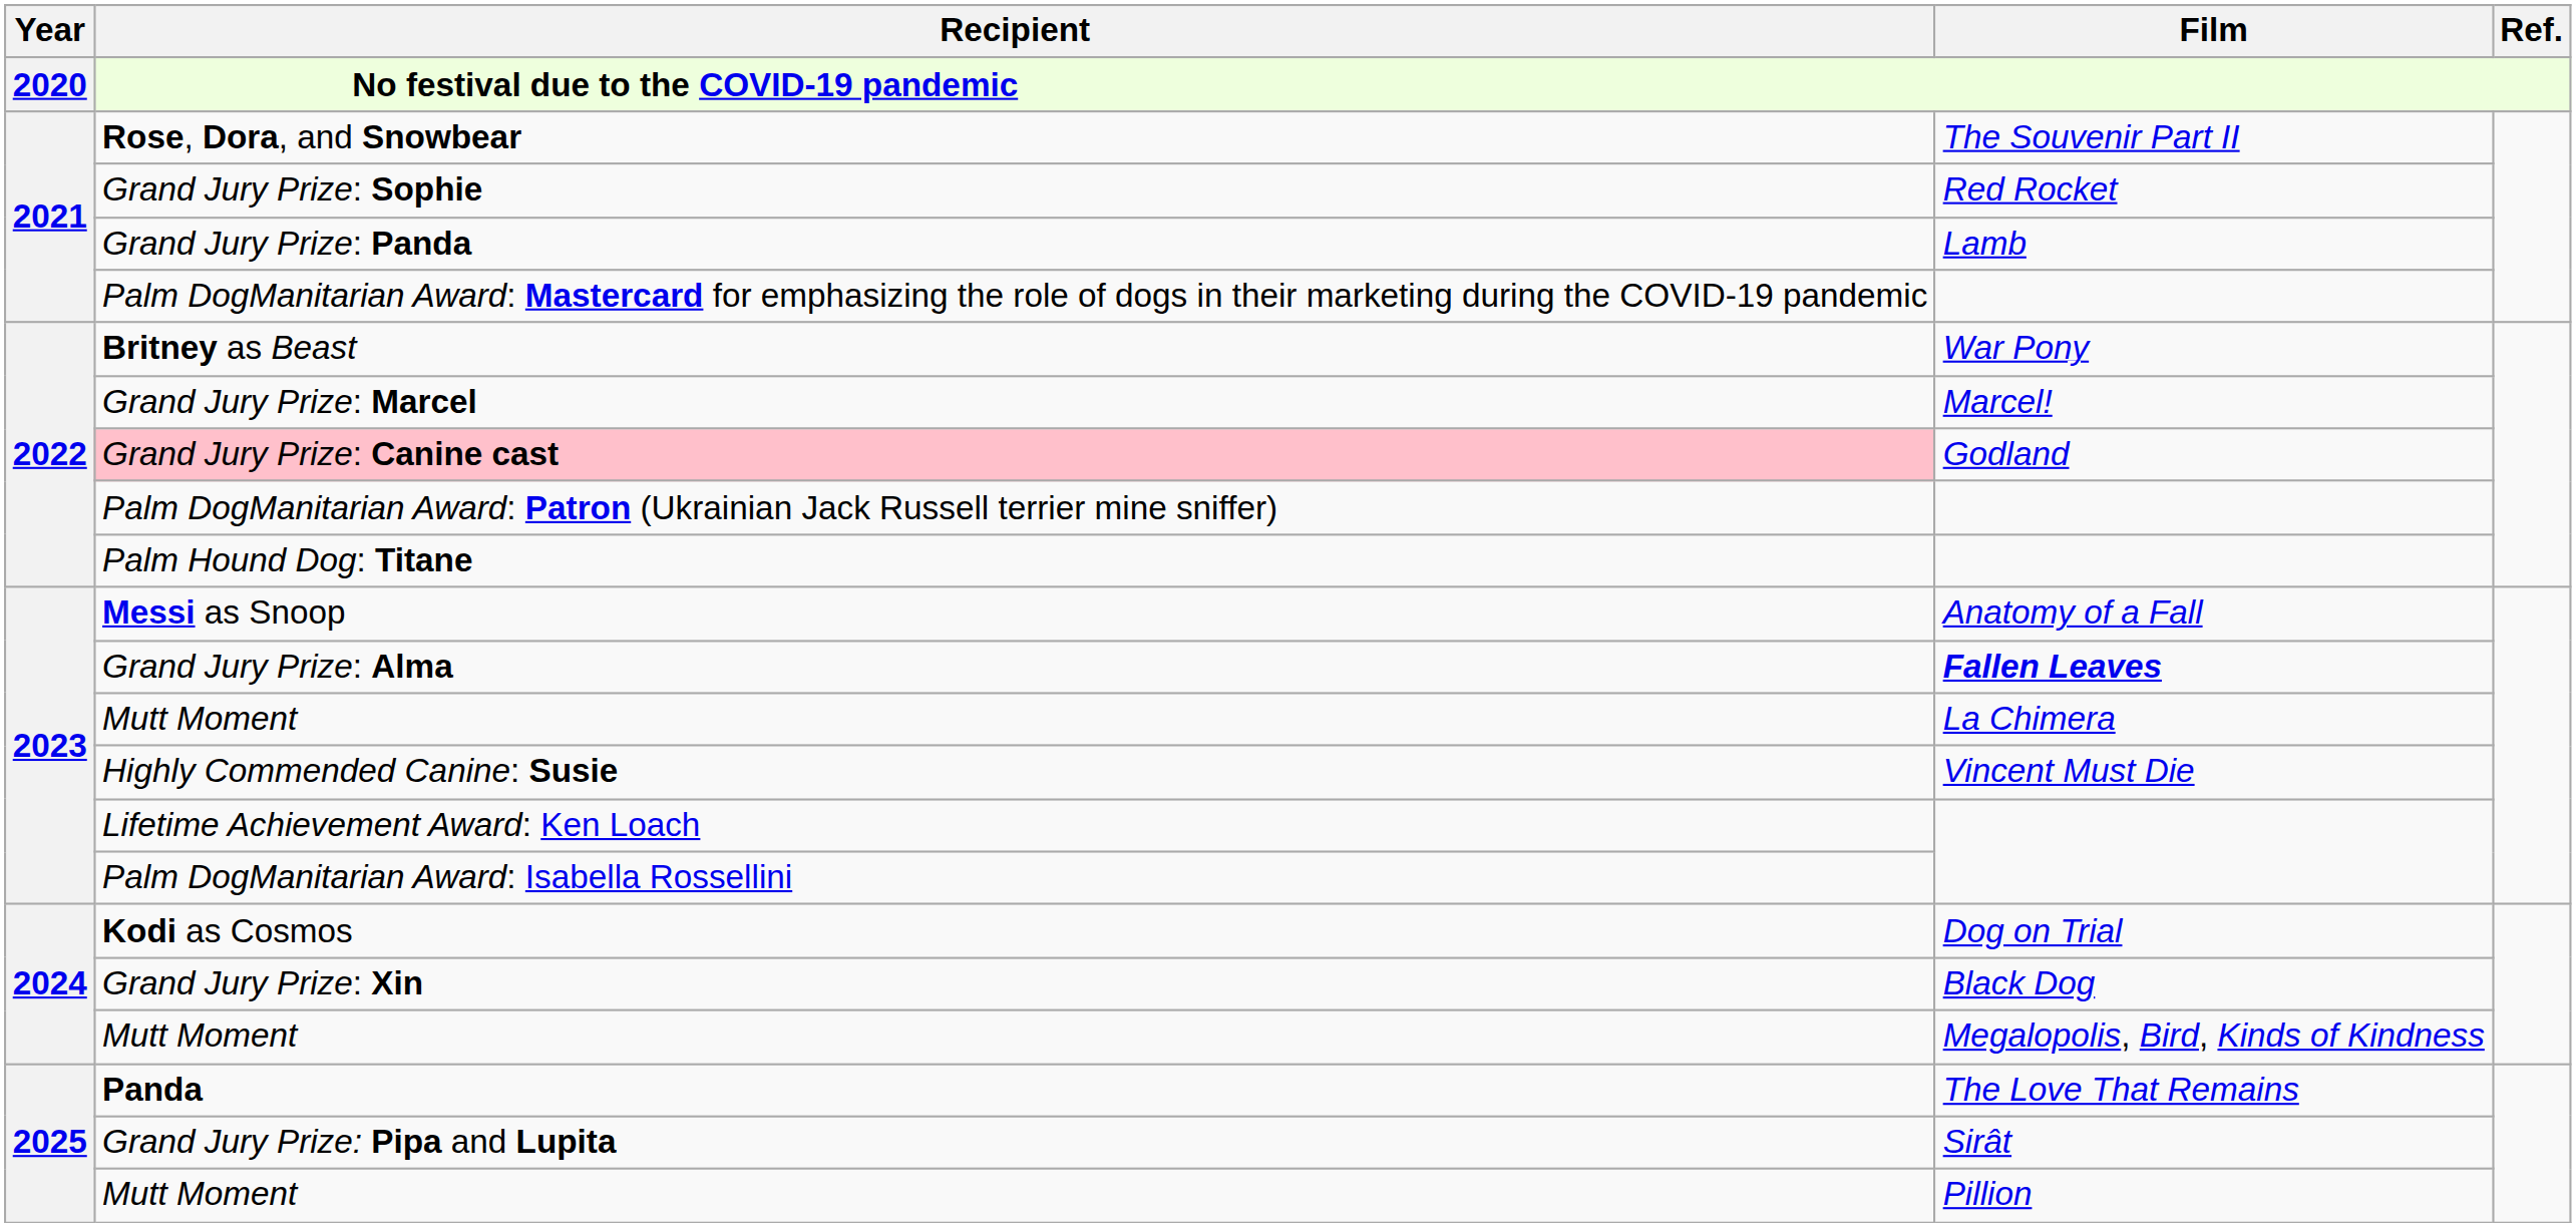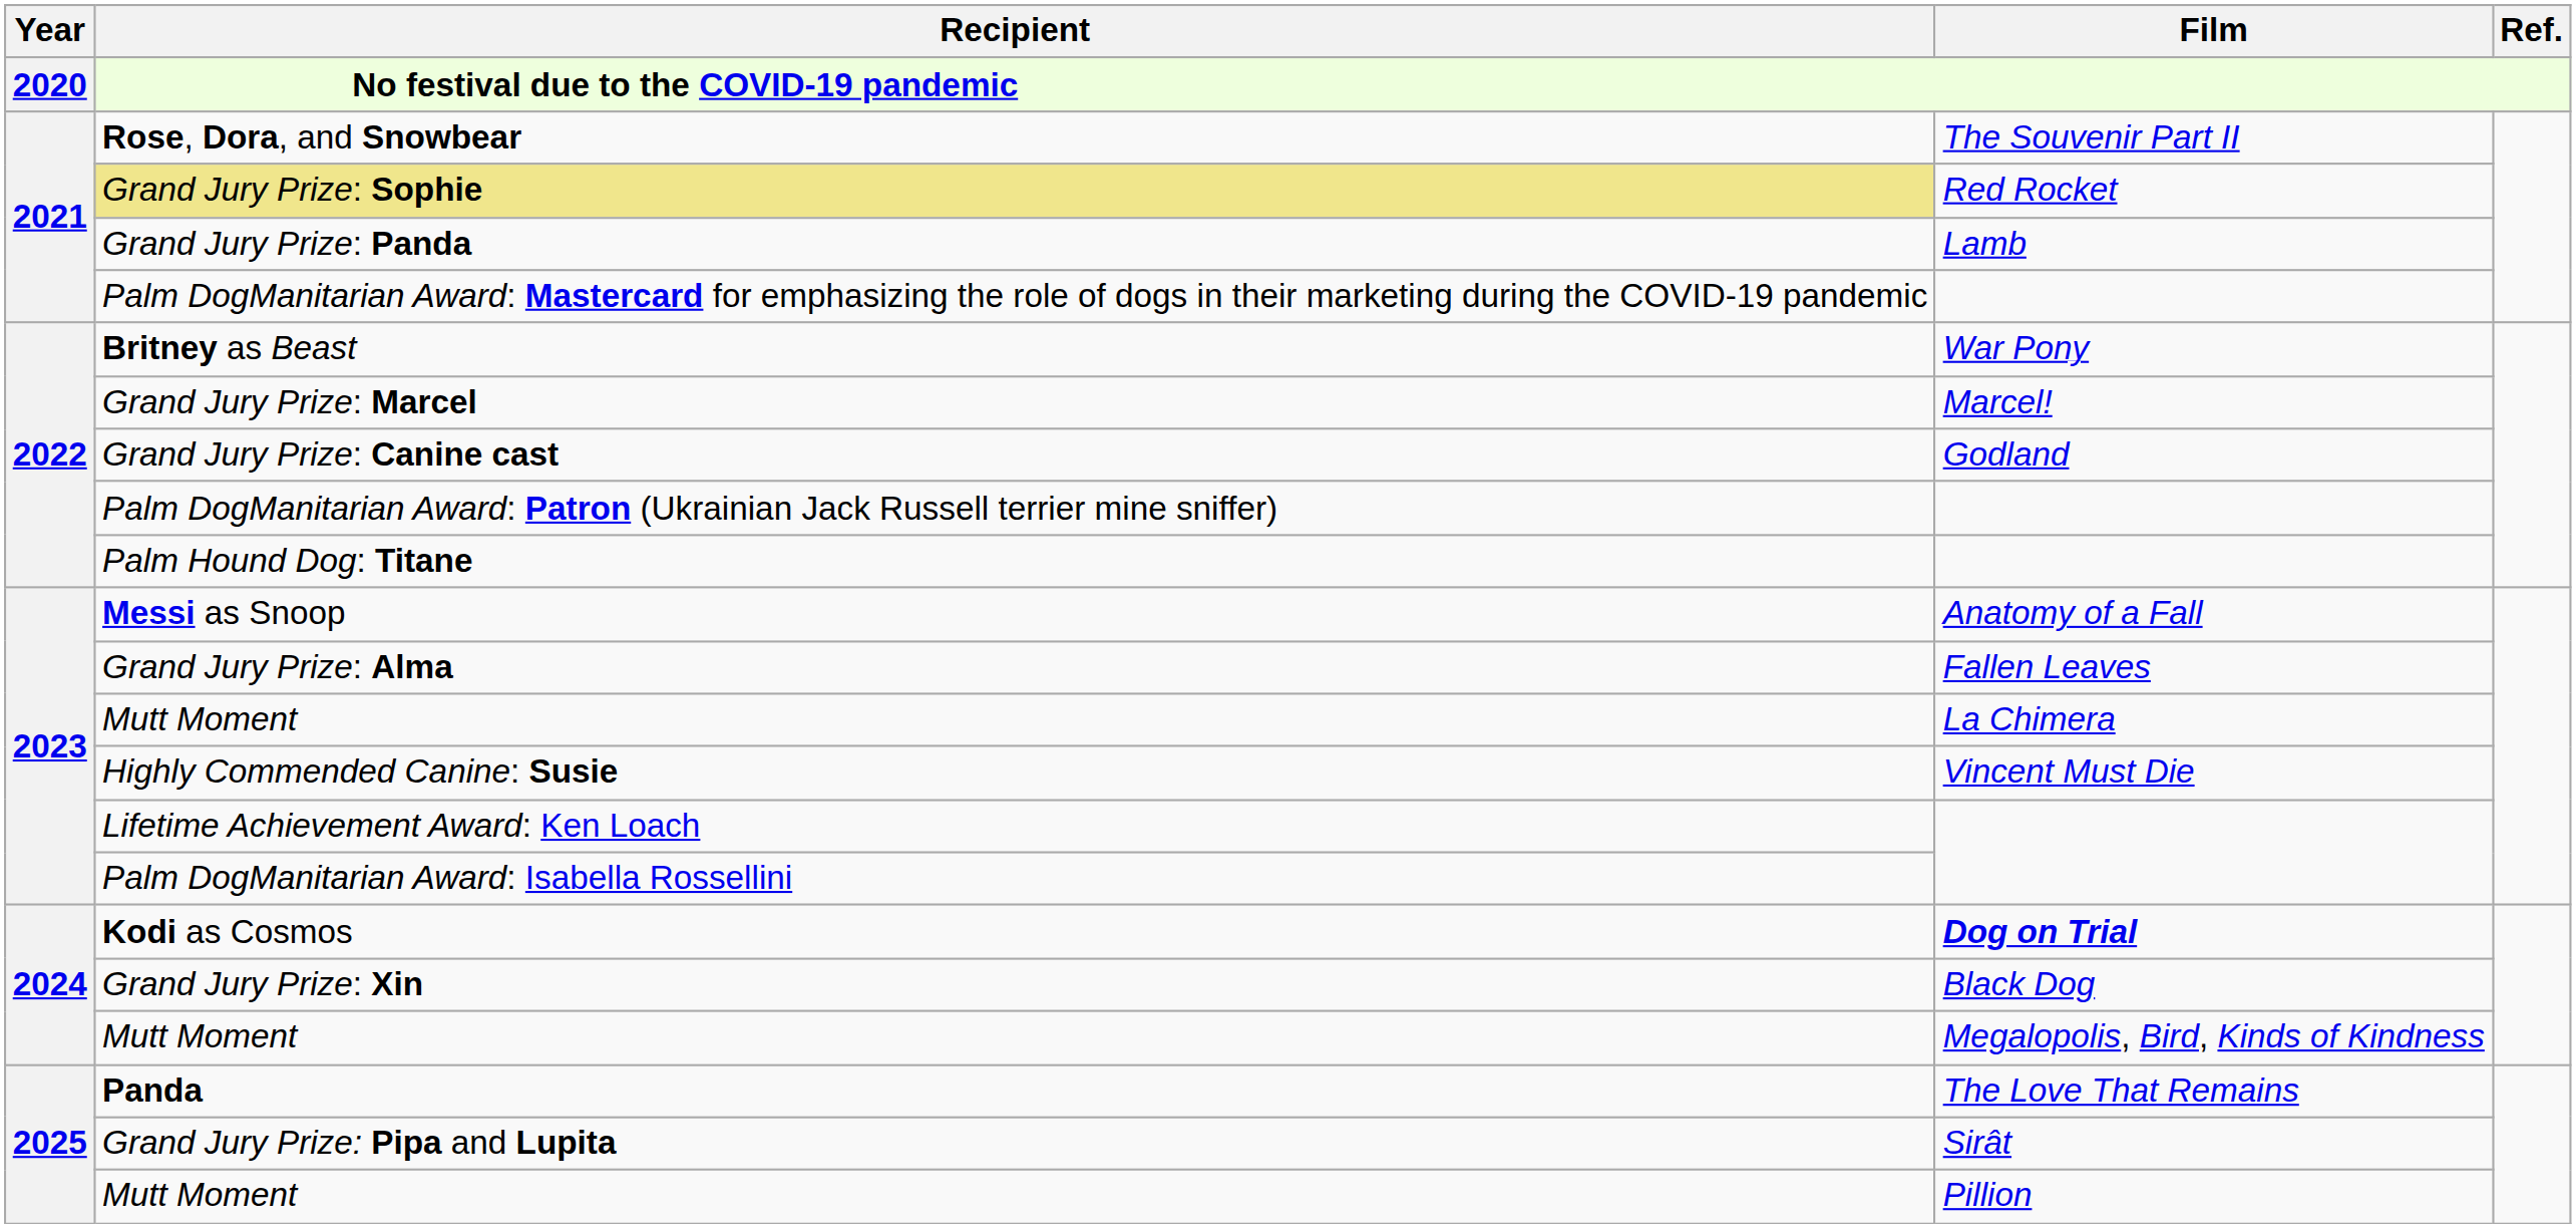 <table class="wikitable">
 <tr>
 <th>Year</th>
 <th>Recipient</th>
 <th>Film</th>
 <th>Ref.</th>
 </tr>
 <tr>
 <th><a href='#'>2020</a></th>
 <td colspan="3" style="background-color:#EFD; padding-left:10%" data-sort-value="ω"><strong>No festival due to the <a href='#'>COVID-19 pandemic</a></strong></td>
 </tr>
 <tr>
 <th rowspan="4"><a href='#'>2021</a></th>
 <td><strong>Rose</strong>, <strong>Dora</strong>, and <strong>Snowbear</strong></td>
 <td><em><a href='#'>The Souvenir Part II</a></em></td>
 <td rowspan="4"></td>
 </tr>
 <tr>
-<td><em>Grand Jury Prize</em>: <strong>Sophie</strong></td>
+<td style="background: khaki;"><em>Grand Jury Prize</em>: <strong>Sophie</strong></td>
 <td><em><a href='#'>Red Rocket</a></em></td>
 </tr>
 <tr>
 <td><em>Grand Jury Prize</em>: <strong>Panda</strong></td>
 <td><em><a href='#'>Lamb</a></em></td>
 </tr>
 <tr>
 <td><em>Palm DogManitarian Award</em>: <strong><a href='#'>Mastercard</a></strong> for emphasizing the role of dogs in their marketing during the COVID-19 pandemic</td>
 <td></td>
 </tr>
 <tr>
 <th rowspan="5"><a href='#'>2022</a></th>
 <td><strong>Britney</strong> as <em>Beast</em></td>
 <td><em><a href='#'>War Pony</a></em></td>
 <td rowspan="5"></td>
 </tr>
 <tr>
 <td><em>Grand Jury Prize</em>: <strong>Marcel</strong></td>
 <td><em><a href='#'>Marcel!</a></em></td>
 </tr>
 <tr>
-<td style="background: pink;"><em>Grand Jury Prize</em>: <strong>Canine cast</strong></td>
+<td><em>Grand Jury Prize</em>: <strong>Canine cast</strong></td>
 <td><em><a href='#'>Godland</a></em></td>
 </tr>
 <tr>
 <td><em>Palm DogManitarian Award</em>: <strong><a href='#'>Patron</a></strong> (Ukrainian Jack Russell terrier mine sniffer)</td>
 <td></td>
 </tr>
 <tr>
 <td><em>Palm Hound Dog</em>: <strong>Titane</strong></td>
 <td></td>
 </tr>
 <tr>
 <th rowspan="6"><a href='#'>2023</a></th>
 <td><strong><a href='#'>Messi</a></strong> as Snoop</td>
 <td><em><a href='#'>Anatomy of a Fall</a></em></td>
 <td rowspan="6"></td>
 </tr>
 <tr>
 <td><em>Grand Jury Prize</em>: <strong>Alma</strong></td>
-<td><strong><em><a href='#'>Fallen Leaves</a></em></strong></td>
+<td><em><a href='#'>Fallen Leaves</a></em></td>
 </tr>
 <tr>
 <td><em>Mutt Moment</em></td>
 <td><em><a href='#'>La Chimera</a></em></td>
 </tr>
 <tr>
 <td><em>Highly Commended Canine</em>: <strong>Susie</strong></td>
 <td><em><a href='#'>Vincent Must Die</a></em></td>
 </tr>
 <tr>
 <td><em>Lifetime Achievement Award</em>: <a href='#'>Ken Loach</a></td>
 </tr>
 <tr>
 <td><em>Palm DogManitarian Award</em>: <a href='#'>Isabella Rossellini</a></td>
 </tr>
 <tr>
 <th rowspan="3"><a href='#'>2024</a></th>
 <td><strong>Kodi</strong> as Cosmos</td>
-<td><em><a href='#'>Dog on Trial</a></em></td>
+<td><strong><em><a href='#'>Dog on Trial</a></em></strong></td>
 <td rowspan="3"></td>
 </tr>
 <tr>
 <td><em>Grand Jury Prize</em>: <strong>Xin</strong></td>
 <td><em><a href='#'>Black Dog</a></em></td>
 </tr>
 <tr>
 <td><em>Mutt Moment</em></td>
 <td><em><a href='#'>Megalopolis</a></em>, <em><a href='#'>Bird</a></em>, <em><a href='#'>Kinds of Kindness</a></em></td>
 </tr>
 <tr>
 <th rowspan="3"><a href='#'>2025</a></th>
 <td><strong>Panda</strong></td>
 <td><a href='#'><em>The Love That Remains</em></a></td>
 <td rowspan="3"></td>
 </tr>
 <tr>
 <td><em>Grand Jury Prize:</em> <strong>Pipa</strong> and <strong>Lupita</strong></td>
 <td><em><a href='#'>Sirât</a></em></td>
 </tr>
 <tr>
 <td><em>Mutt Moment</em></td>
 <td><a href='#'><em>Pillion</em></a></td>
 </tr>
 </table>
